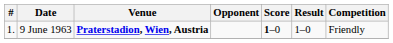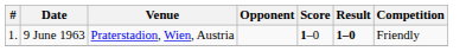 <table class="wikitable">
 <tr>
 <th>#</th>
 <th>Date</th>
 <th>Venue</th>
 <th>Opponent</th>
 <th>Score</th>
 <th>Result</th>
 <th>Competition</th>
 </tr>
 <tr>
 <td>1.</td>
 <td>9 June 1963</td>
-<td><strong><a href='#'>Praterstadion</a>, <a href='#'>Wien</a>, Austria</strong></td>
+<td><a href='#'>Praterstadion</a>, <a href='#'>Wien</a>, Austria</td>
 <td></td>
 <td><strong>1</strong>–0</td>
-<td>1–0</td>
+<td><strong>1–0</strong></td>
 <td>Friendly</td>
 </tr>
 <tr>
 </tr>
 </table>
